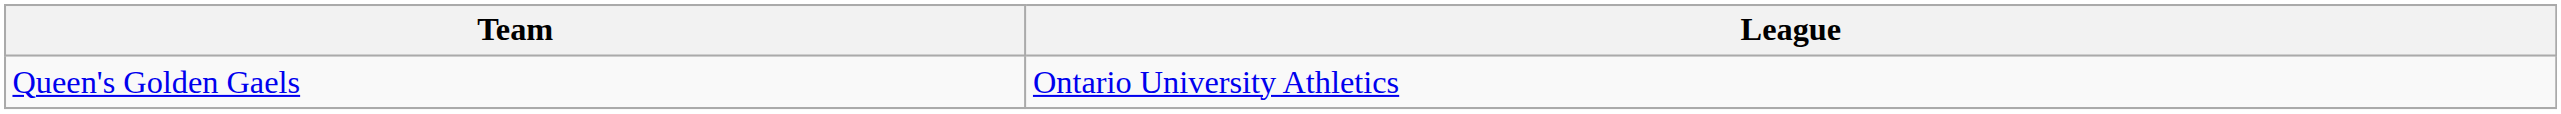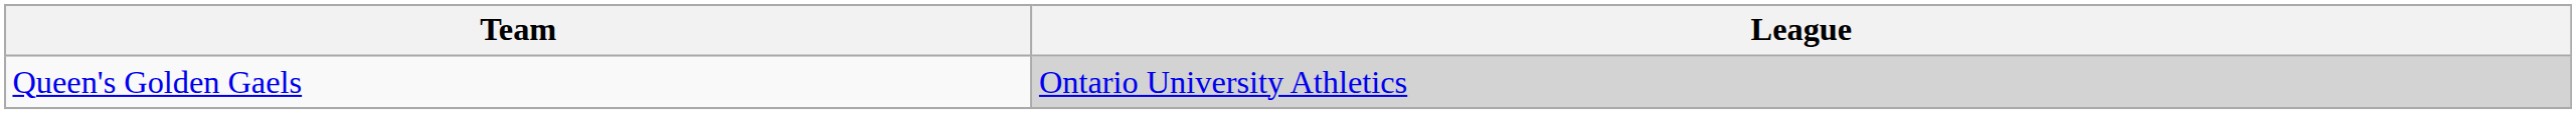 <table class="wikitable sortable" width=100%>
 <tr>
 <th width=40%>Team</th>
 <th width=60%>League</th>
 </tr>
 <tr>
 <td><a href='#'>Queen's Golden Gaels</a></td>
-<td><a href='#'>Ontario University Athletics</a></td>
+<td style="background: lightgrey;"><a href='#'>Ontario University Athletics</a></td>
 </tr>
 <tr>
 </tr>
 </table>
